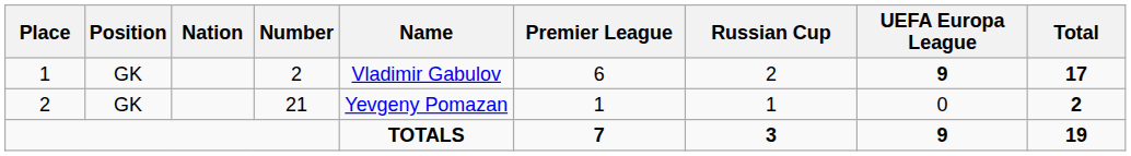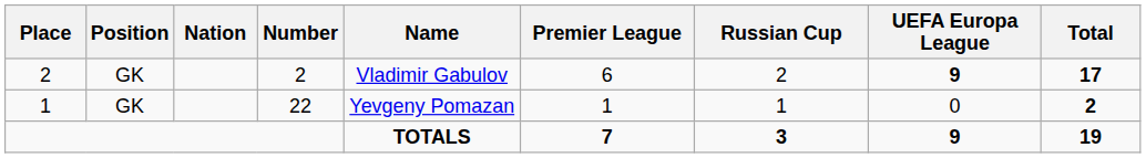 <table class="wikitable" style="font-size: 95%; text-align: center">
 <tr>
 <th width=60>Place</th>
 <th width=60>Position</th>
 <th width=60>Nation</th>
 <th width=60>Number</th>
 <th width=150>Name</th>
 <th width=150>Premier League</th>
 <th width=150>Russian Cup</th>
 <th width=150>UEFA Europa League</th>
 <th width=80>Total</th>
 </tr>
 <tr>
-<td>1</td>
+<td>2</td>
 <td>GK</td>
 <td></td>
 <td>2</td>
 <td><a href='#'>Vladimir Gabulov</a></td>
 <td>6</td>
 <td>2</td>
 <td><strong>9</strong></td>
 <td><strong>17</strong></td>
 </tr>
 <tr>
-<td>2</td>
+<td>1</td>
 <td>GK</td>
 <td></td>
-<td>21</td>
+<td>22</td>
 <td><a href='#'>Yevgeny Pomazan</a></td>
 <td>1</td>
 <td>1</td>
 <td>0</td>
 <td><strong>2</strong></td>
 </tr>
 <tr>
 <td colspan="4"></td>
 <td><strong>TOTALS</strong></td>
 <td><strong>7</strong></td>
 <td><strong>3</strong></td>
 <td><strong>9</strong></td>
 <td><strong>19</strong></td>
 </tr>
 </table>
